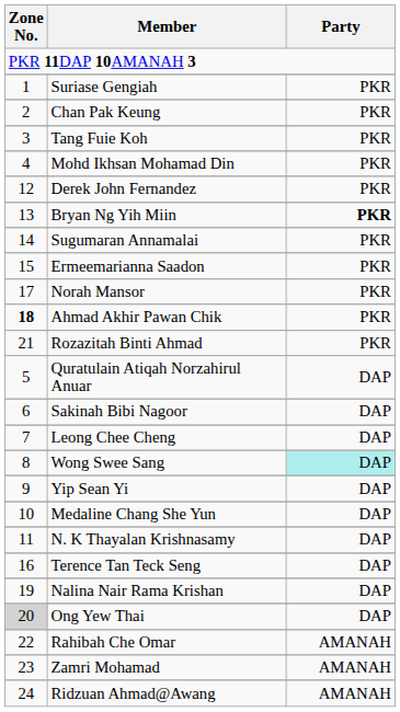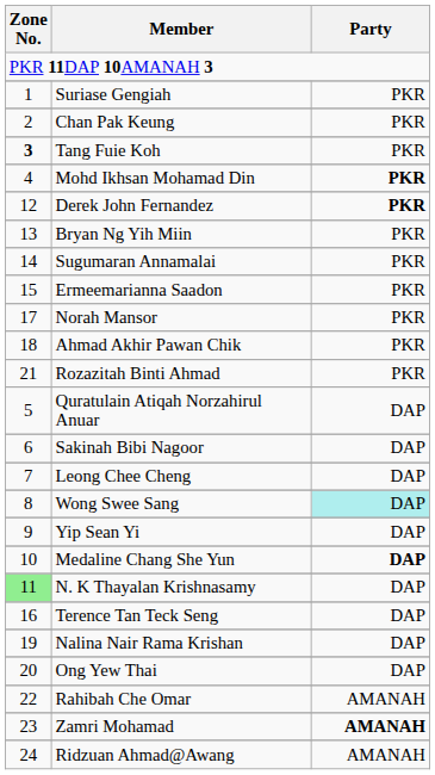 <table class="wikitable sortable">
 <tr>
 <th width="30">Zone No.</th>
 <th width="230">Member</th>
 <th width="100">Party</th>
 </tr>
 <tr>
 <td colspan="7"><a href='#'>PKR</a> <strong>11</strong><a href='#'>DAP</a> <strong>10</strong><a href='#'>AMANAH</a> <strong>3</strong></td>
 </tr>
 <tr>
 </tr>
 <tr>
 <td align="center">1</td>
 <td>Suriase Gengiah</td>
 <td align="right">PKR</td>
 </tr>
 <tr>
 </tr>
 <tr>
 <td align="center">2</td>
 <td>Chan Pak Keung</td>
 <td align="right">PKR</td>
 </tr>
 <tr>
 </tr>
 <tr>
-<td align="center">3</td>
+<td align="center"><strong>3</strong></td>
 <td>Tang Fuie Koh</td>
 <td align="right">PKR</td>
 </tr>
 <tr>
 </tr>
 <tr>
 <td align="center">4</td>
 <td>Mohd Ikhsan Mohamad Din</td>
-<td align="right">PKR</td>
+<td align="right"><strong>PKR</strong></td>
 </tr>
 <tr>
 </tr>
 <tr>
 <td align="center">12</td>
 <td>Derek John Fernandez</td>
-<td align="right">PKR</td>
+<td align="right"><strong>PKR</strong></td>
 </tr>
 <tr>
 </tr>
 <tr>
 <td align="center">13</td>
 <td>Bryan Ng Yih Miin</td>
-<td align="right"><strong>PKR</strong></td>
+<td align="right">PKR</td>
 </tr>
 <tr>
 </tr>
 <tr>
 <td align="center">14</td>
 <td>Sugumaran Annamalai</td>
 <td align="right">PKR</td>
 </tr>
 <tr>
 </tr>
 <tr>
 <td align="center">15</td>
 <td>Ermeemarianna Saadon</td>
 <td align="right">PKR</td>
 </tr>
 <tr>
 </tr>
 <tr>
 <td align="center">17</td>
 <td>Norah Mansor</td>
 <td align="right">PKR</td>
 </tr>
 <tr>
 </tr>
 <tr>
-<td align="center"><strong>18</strong></td>
+<td align="center">18</td>
 <td>Ahmad Akhir Pawan Chik</td>
 <td align="right">PKR</td>
 </tr>
 <tr>
 </tr>
 <tr>
 <td align="center">21</td>
 <td>Rozazitah Binti Ahmad</td>
 <td align="right">PKR</td>
 </tr>
 <tr>
 </tr>
 <tr>
 <td align="center">5</td>
 <td>Quratulain Atiqah Norzahirul Anuar</td>
 <td align="right">DAP</td>
 </tr>
 <tr>
 </tr>
 <tr>
 <td align="center">6</td>
 <td>Sakinah Bibi Nagoor</td>
 <td align="right">DAP</td>
 </tr>
 <tr>
 </tr>
 <tr>
 <td align="center">7</td>
 <td>Leong Chee Cheng</td>
 <td align="right">DAP</td>
 </tr>
 <tr>
 </tr>
 <tr>
 <td align="center">8</td>
 <td>Wong Swee Sang</td>
 <td align="right" style="background: paleturquoise;">DAP</td>
 </tr>
 <tr>
 </tr>
 <tr>
 <td align="center">9</td>
 <td>Yip Sean Yi</td>
 <td align="right">DAP</td>
 </tr>
 <tr>
 </tr>
 <tr>
 <td align="center">10</td>
 <td>Medaline Chang She Yun</td>
-<td align="right">DAP</td>
+<td align="right"><strong>DAP</strong></td>
 </tr>
 <tr>
 </tr>
 <tr>
-<td align="center">11</td>
+<td align="center" style="background: lightgreen;">11</td>
 <td>N. K Thayalan Krishnasamy</td>
 <td align="right">DAP</td>
 </tr>
 <tr>
 </tr>
 <tr>
 <td align="center">16</td>
 <td>Terence Tan Teck Seng</td>
 <td align="right">DAP</td>
 </tr>
 <tr>
 </tr>
 <tr>
 <td align="center">19</td>
 <td>Nalina Nair Rama Krishan</td>
 <td align="right">DAP</td>
 </tr>
 <tr>
 </tr>
 <tr>
-<td align="center" style="background: lightgrey;">20</td>
+<td align="center">20</td>
 <td>Ong Yew Thai</td>
 <td align="right">DAP</td>
 </tr>
 <tr>
 </tr>
 <tr>
 <td align="center">22</td>
 <td>Rahibah Che Omar</td>
 <td align="right">AMANAH</td>
 </tr>
 <tr>
 </tr>
 <tr>
 <td align="center">23</td>
 <td>Zamri Mohamad</td>
-<td align="right">AMANAH</td>
+<td align="right"><strong>AMANAH</strong></td>
 </tr>
 <tr>
 </tr>
 <tr>
 <td align="center">24</td>
 <td>Ridzuan Ahmad@Awang</td>
 <td align="right">AMANAH</td>
 </tr>
 </table>
